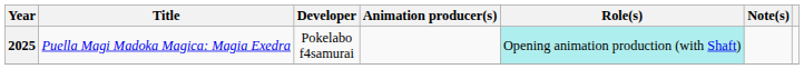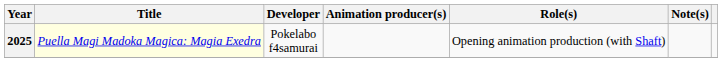 <table class="wikitable sortable plainrowheaders">
 <tr>
 <th scope="col" class="unsortable" width=10>Year</th>
 <th scope="col">Title</th>
 <th scope="col">Developer</th>
 <th scope="col">Animation producer(s)</th>
 <th scope="col">Role(s)</th>
 <th scope="col">Note(s)</th>
 <th scope="col" class="unsortable"></th>
 </tr>
 <tr>
 <th scope="row">2025</th>
-<td><em><a href='#'>Puella Magi Madoka Magica: Magia Exedra</a></em></td>
+<td style="background: lightyellow;"><em><a href='#'>Puella Magi Madoka Magica: Magia Exedra</a></em></td>
 <td style=text-align:center>Pokelabo<br>f4samurai</td>
 <td></td>
-<td style="background: paleturquoise;">Opening animation production (with <a href='#'>Shaft</a>)</td>
+<td>Opening animation production (with <a href='#'>Shaft</a>)</td>
 <td></td>
 <td></td>
 </tr>
 <tr>
 </tr>
 </table>
